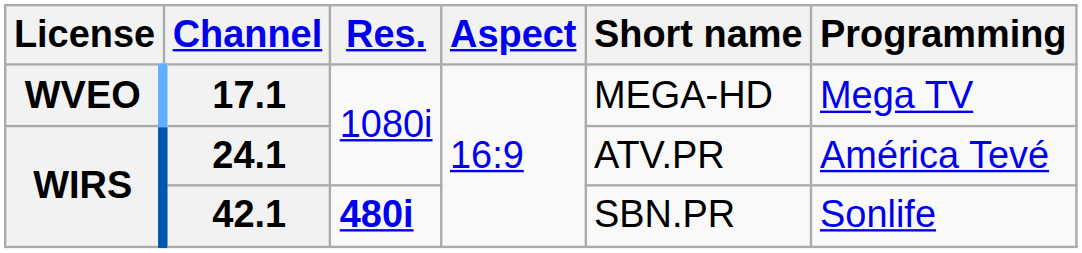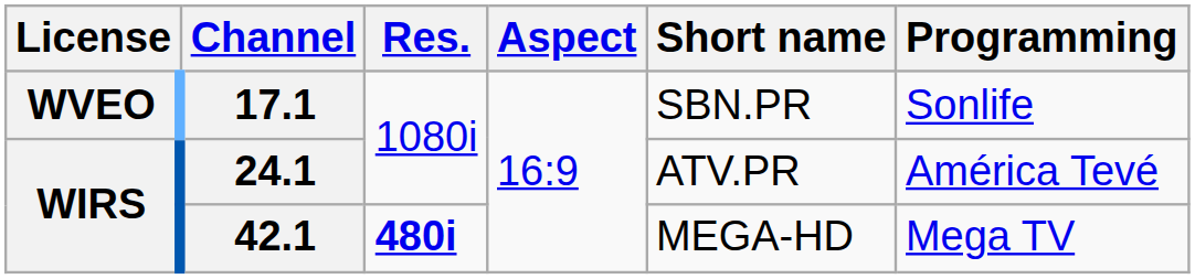 <table class="wikitable">
 <tr>
 <th scope = "col">License</th>
 <th scope = "col"><a href='#'>Channel</a></th>
 <th scope = "col"><a href='#'>Res.</a></th>
 <th scope = "col"><a href='#'>Aspect</a></th>
 <th scope = "col">Short name</th>
 <th scope = "col">Programming</th>
 </tr>
 <tr>
 <th scope = "row" style="border-right: 4px solid #60B0FF;">WVEO</th>
 <th scope = "row">17.1</th>
 <td rowspan="2"><a href='#'>1080i</a></td>
 <td rowspan="3"><a href='#'>16:9</a></td>
-<td>MEGA-HD</td>
-<td><a href='#'>Mega TV</a></td>
+<td>SBN.PR</td>
+<td><a href='#'>Sonlife</a></td>
 </tr>
 <tr>
 <th rowspan = "2" scope = "row" style="border-right: 4px solid #0057AF;">WIRS</th>
 <th scope = "row">24.1</th>
 <td>ATV.PR</td>
 <td><a href='#'>América Tevé</a></td>
 </tr>
 <tr>
 <th scope = "row">42.1</th>
 <td><strong><a href='#'>480i</a></strong></td>
-<td>SBN.PR</td>
-<td><a href='#'>Sonlife</a></td>
+<td>MEGA-HD</td>
+<td><a href='#'>Mega TV</a></td>
 </tr>
 </table>
